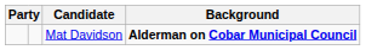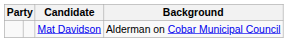 <table class="wikitable">
 <tr>
 <th colspan="2">Party</th>
 <th>Candidate</th>
 <th>Background</th>
 </tr>
 <tr>
 <td> </td>
 <td></td>
 <td><a href='#'>Mat Davidson</a></td>
-<td><strong>Alderman on <a href='#'>Cobar Municipal Council</a></strong></td>
+<td>Alderman on <a href='#'>Cobar Municipal Council</a></td>
 </tr>
 </table>
